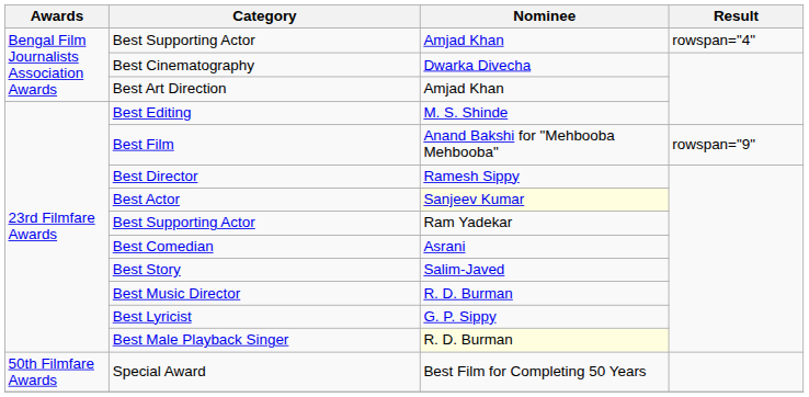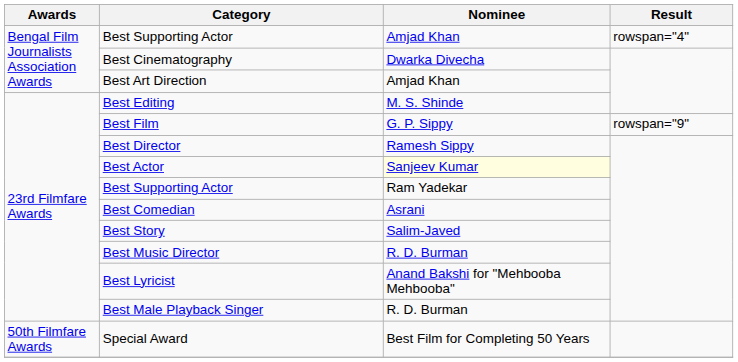 <table class="wikitable">
 <tr>
 <th Style="width:5%">Awards</th>
 <th Style="width:25%">Category</th>
 <th Style="width:20%">Nominee</th>
 <th Style="width:10%">Result</th>
 </tr>
 <tr>
 <td rowspan="3"><a href='#'>Bengal Film Journalists Association Awards</a></td>
 <td>Best Supporting Actor</td>
 <td><a href='#'>Amjad Khan</a></td>
 <td>rowspan="4"</td>
 </tr>
 <tr>
 <td>Best Cinematography</td>
 <td><a href='#'>Dwarka Divecha</a></td>
 </tr>
 <tr>
 <td>Best Art Direction</td>
 <td>Amjad Khan</td>
 </tr>
 <tr>
 <td rowspan="10"><a href='#'>23rd Filmfare Awards</a></td>
 <td><a href='#'>Best Editing</a></td>
 <td><a href='#'>M. S. Shinde</a></td>
 </tr>
 <tr>
 <td><a href='#'>Best Film</a></td>
-<td><a href='#'>Anand Bakshi</a> for "Mehbooba Mehbooba"</td>
+<td><a href='#'>G. P. Sippy</a></td>
 <td>rowspan="9" </td>
 </tr>
 <tr>
 <td><a href='#'>Best Director</a></td>
 <td><a href='#'>Ramesh Sippy</a></td>
 </tr>
 <tr>
 <td><a href='#'>Best Actor</a></td>
 <td style="background: lightyellow;"><a href='#'>Sanjeev Kumar</a></td>
 </tr>
 <tr>
 <td><a href='#'>Best Supporting Actor</a></td>
 <td>Ram Yadekar</td>
 </tr>
 <tr>
 <td><a href='#'>Best Comedian</a></td>
 <td><a href='#'>Asrani</a></td>
 </tr>
 <tr>
 <td><a href='#'>Best Story</a></td>
 <td><a href='#'>Salim-Javed</a></td>
 </tr>
 <tr>
 <td><a href='#'>Best Music Director</a></td>
 <td><a href='#'>R. D. Burman</a></td>
 </tr>
 <tr>
 <td><a href='#'>Best Lyricist</a></td>
-<td><a href='#'>G. P. Sippy</a></td>
+<td><a href='#'>Anand Bakshi</a> for "Mehbooba Mehbooba"</td>
 </tr>
 <tr>
 <td><a href='#'>Best Male Playback Singer</a></td>
-<td style="background: lightyellow;">R. D. Burman</td>
+<td>R. D. Burman</td>
 </tr>
 <tr>
 <td><a href='#'>50th Filmfare Awards</a></td>
 <td>Special Award</td>
 <td>Best Film for Completing 50 Years</td>
 <td></td>
 </tr>
 <tr>
 </tr>
 </table>
